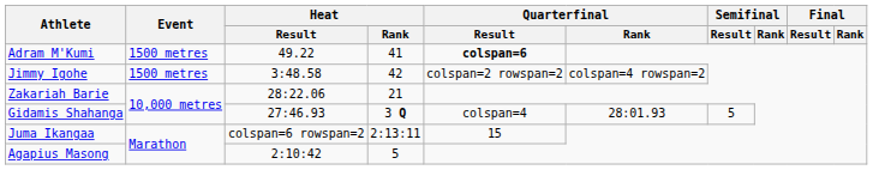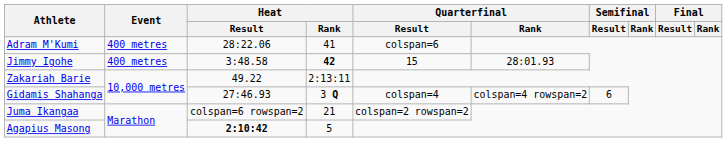 <table class=wikitable style=font-size:90%>
 <tr>
 <th rowspan=2>Athlete</th>
 <th rowspan=2>Event</th>
 <th colspan=2>Heat</th>
 <th colspan=2>Quarterfinal</th>
 <th colspan=2>Semifinal</th>
 <th colspan=2>Final</th>
 </tr>
 <tr style=font-size:95%>
 <th>Result</th>
 <th>Rank</th>
 <th>Result</th>
 <th>Rank</th>
 <th>Result</th>
 <th>Rank</th>
 <th>Result</th>
 <th>Rank</th>
 </tr>
 <tr align=center>
 <td align=left><a href='#'>Adram M'Kumi</a></td>
-<td align=left><a href='#'>1500 metres</a></td>
-<td>49.22</td>
+<td align=left><a href='#'>400 metres</a></td>
+<td>28:22.06</td>
 <td>41</td>
-<td><strong>colspan=6 </strong></td>
+<td>colspan=6 </td>
 </tr>
 <tr align=center>
 <td align=left><a href='#'>Jimmy Igohe</a></td>
-<td align=left><a href='#'>1500 metres</a></td>
+<td align=left><a href='#'>400 metres</a></td>
 <td>3:48.58</td>
-<td>42</td>
-<td>colspan=2 rowspan=2 </td>
-<td>colspan=4 rowspan=2 </td>
+<td><strong>42</strong></td>
+<td>15</td>
+<td>28:01.93</td>
 </tr>
 <tr align=center>
 <td align=left><a href='#'>Zakariah Barie</a></td>
 <td align=left rowspan=2><a href='#'>10,000 metres</a></td>
-<td>28:22.06</td>
-<td>21</td>
+<td>49.22</td>
+<td>2:13:11</td>
 </tr>
 <tr align=center>
 <td align=left><a href='#'>Gidamis Shahanga</a></td>
 <td>27:46.93</td>
 <td>3 <strong>Q</strong></td>
 <td>colspan=4 </td>
-<td>28:01.93</td>
-<td>5</td>
+<td>colspan=4 rowspan=2 </td>
+<td>6</td>
 </tr>
 <tr align=center>
 <td align=left><a href='#'>Juma Ikangaa</a></td>
 <td align=left rowspan=2><a href='#'>Marathon</a></td>
 <td>colspan=6 rowspan=2 </td>
-<td>2:13:11</td>
-<td>15</td>
+<td>21</td>
+<td>colspan=2 rowspan=2 </td>
 </tr>
 <tr align=center>
 <td align=left><a href='#'>Agapius Masong</a></td>
-<td>2:10:42</td>
+<td><strong>2:10:42</strong></td>
 <td>5</td>
 </tr>
 </table>
